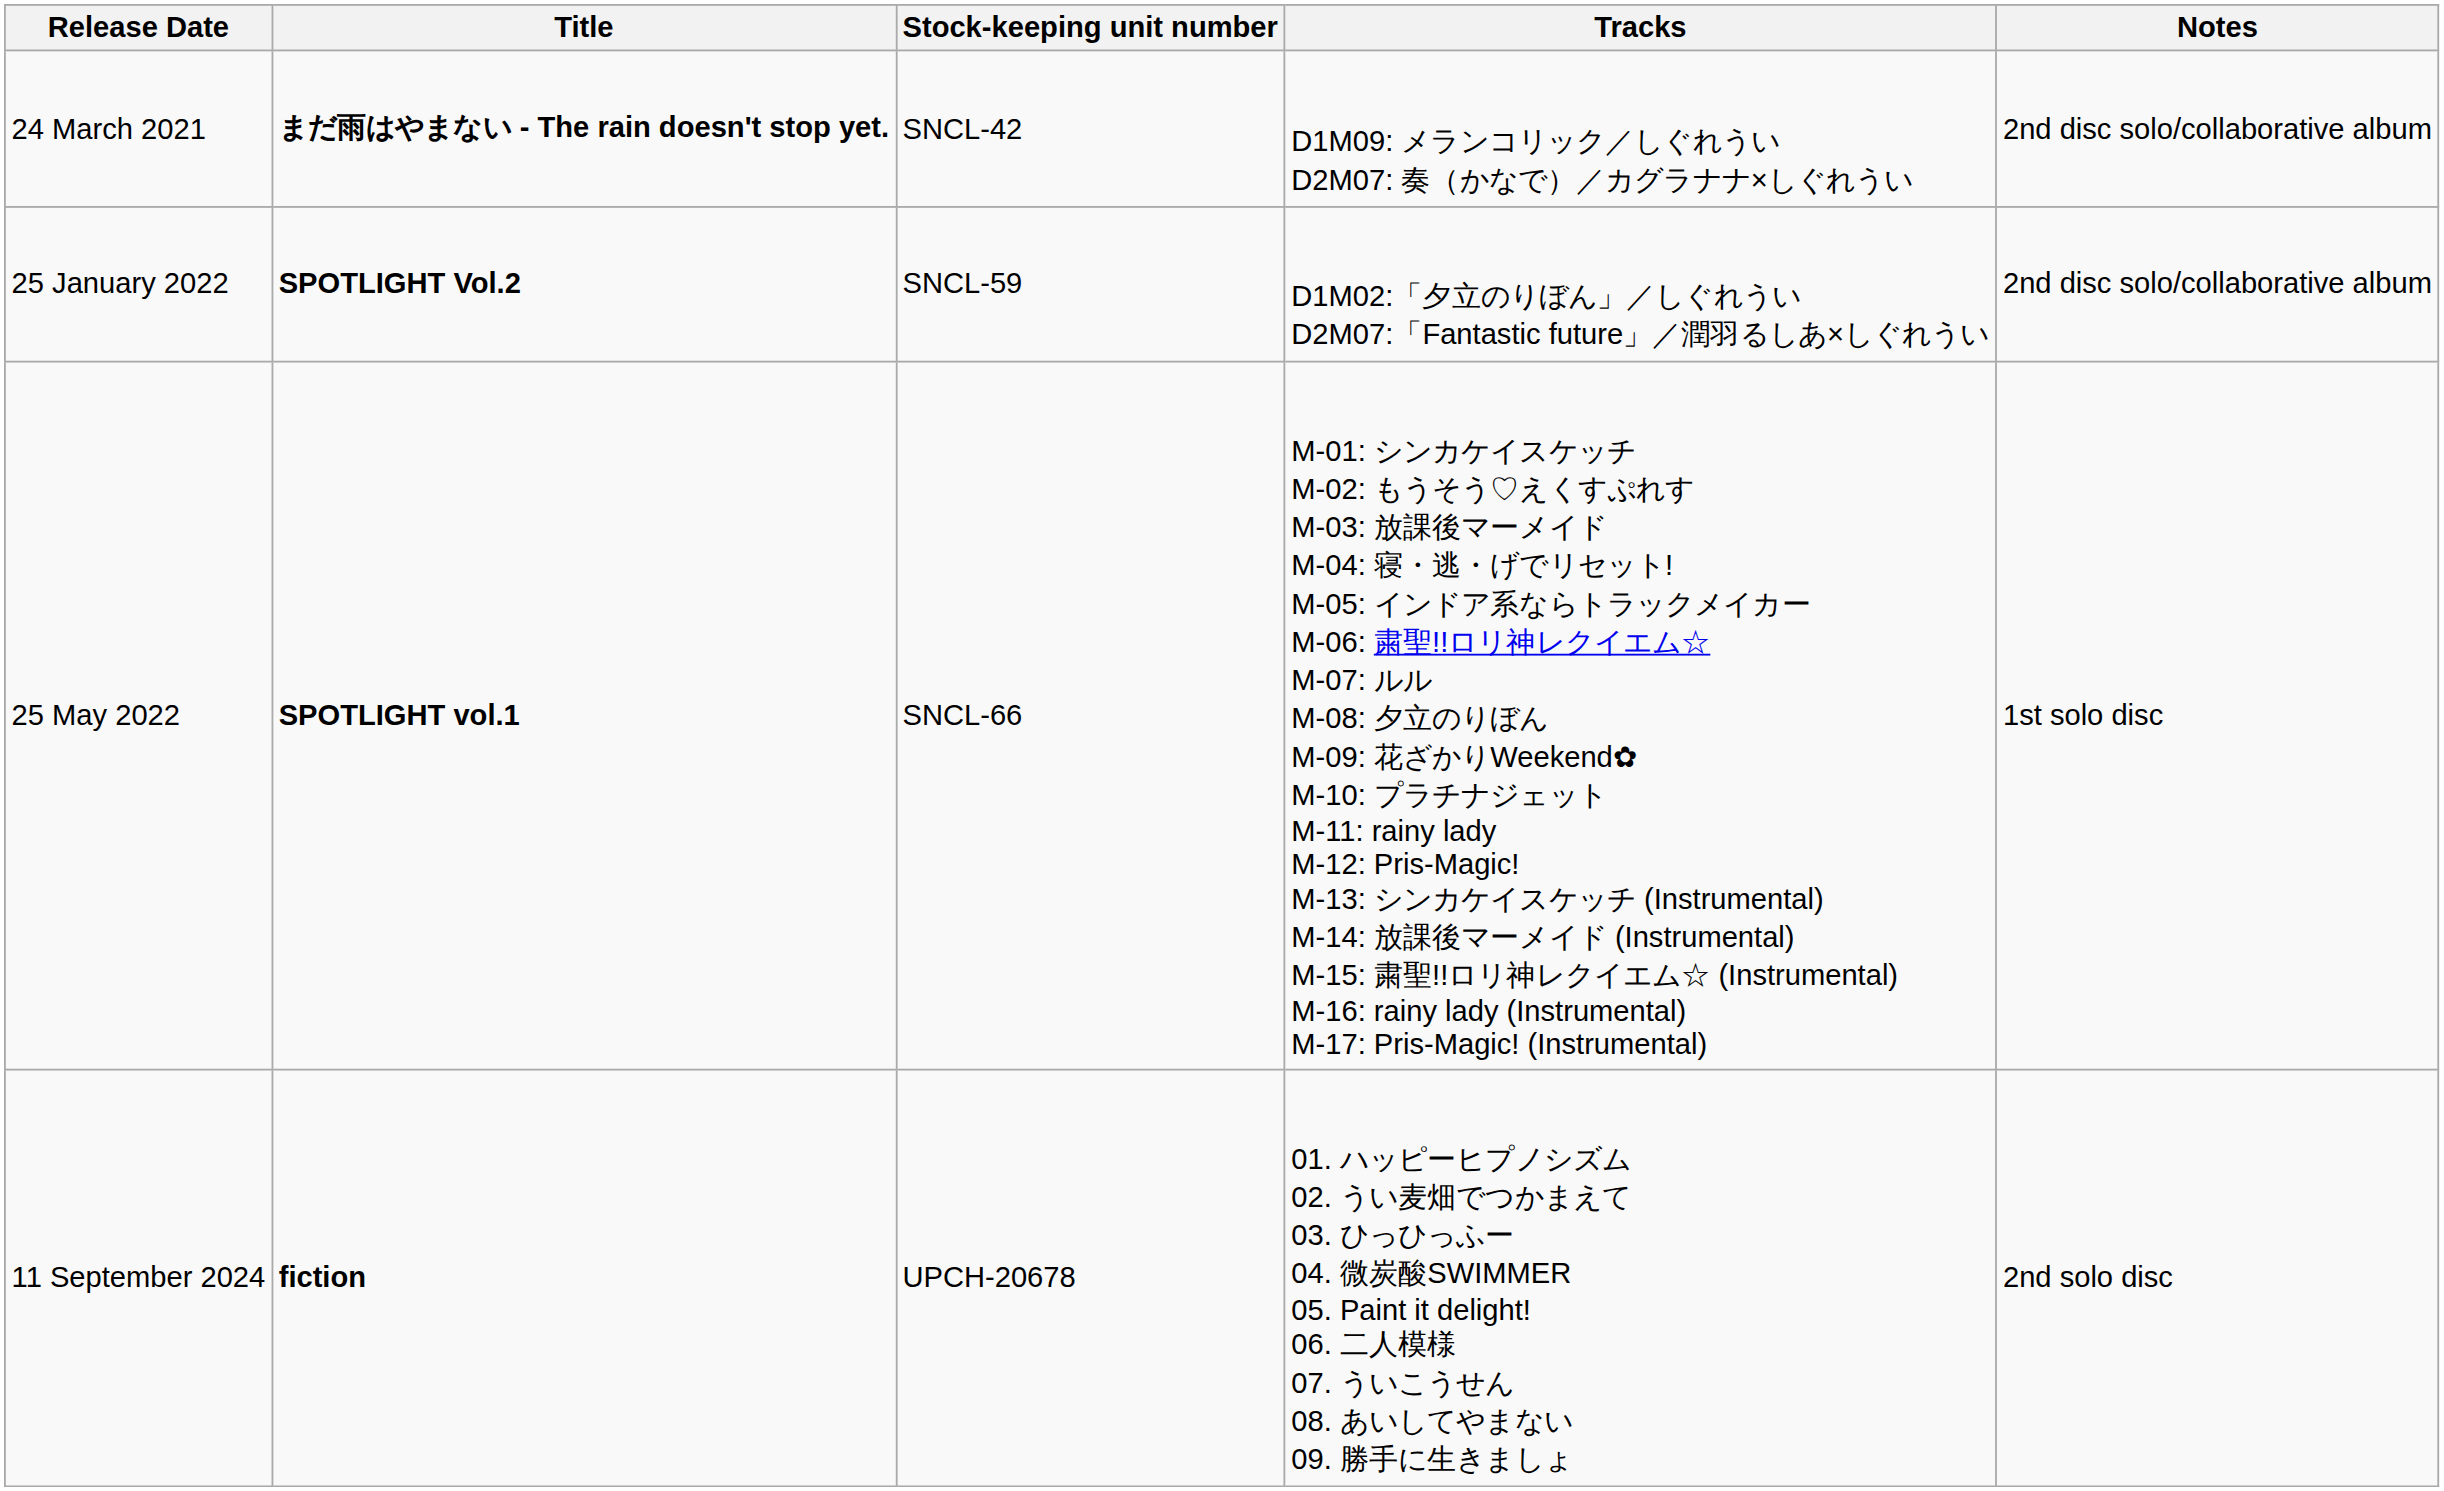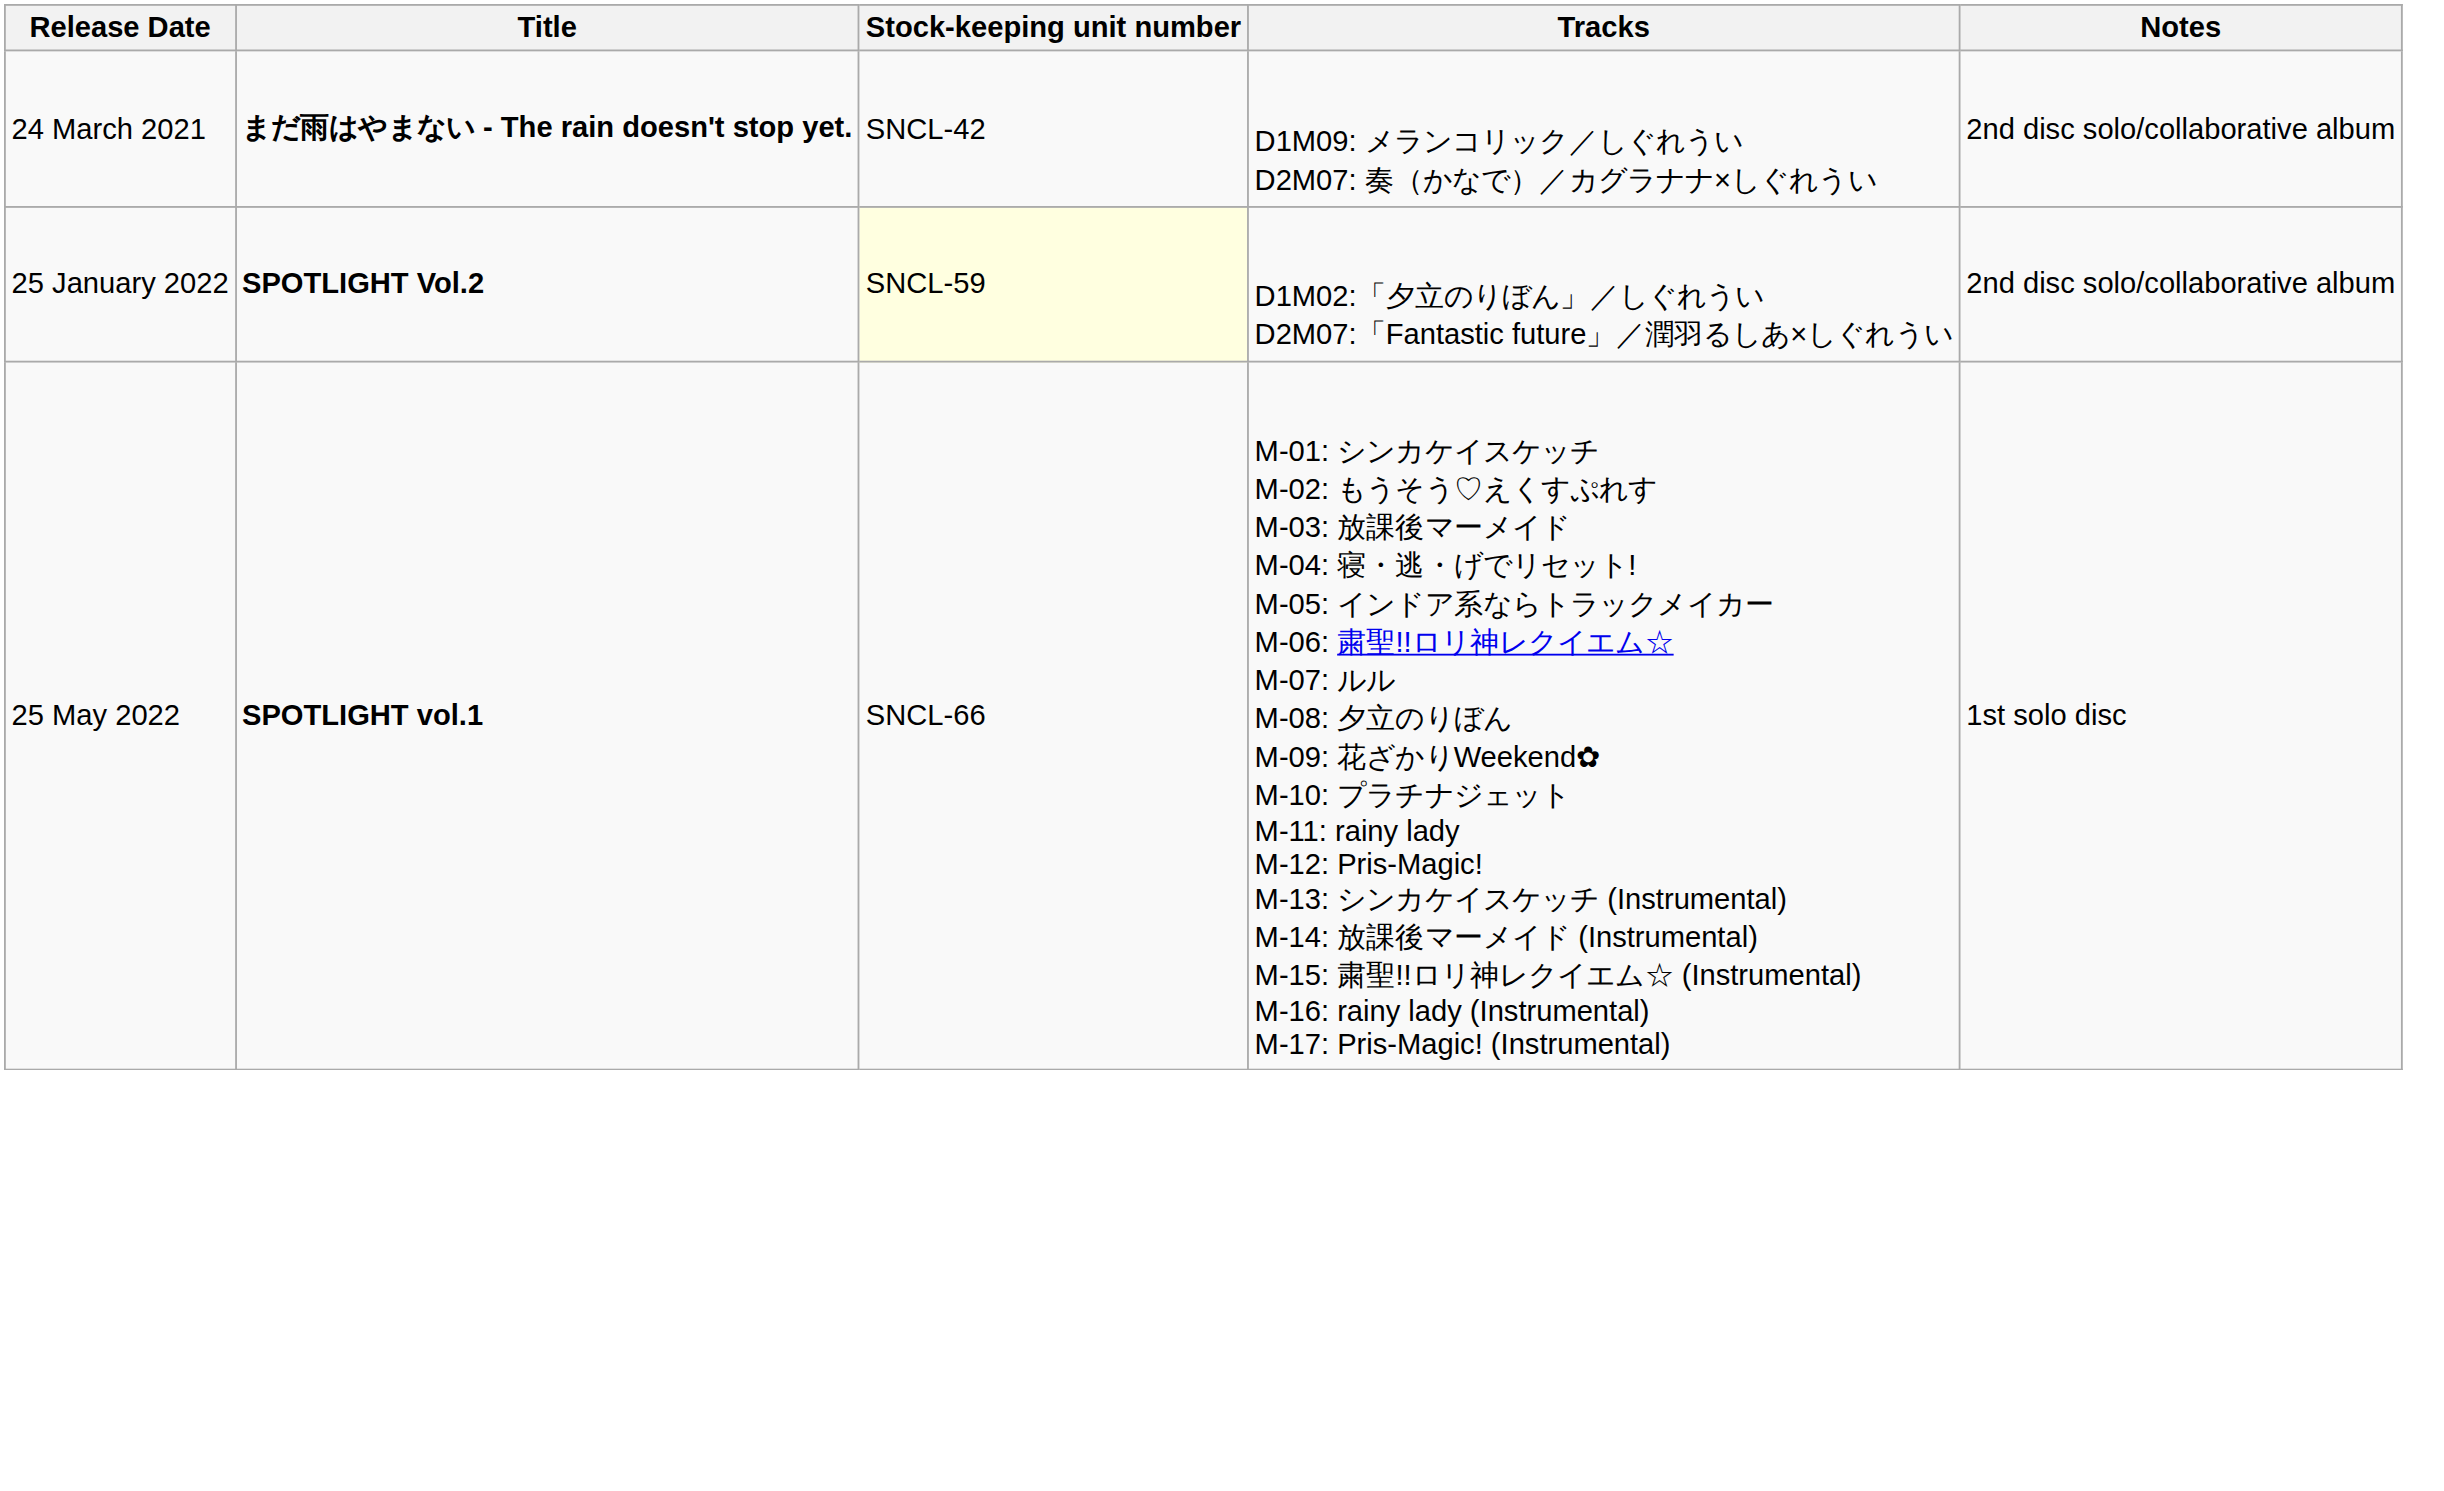 <table class="wikitable">
 <tr>
 <th>Release Date</th>
 <th>Title</th>
 <th>Stock-keeping unit number</th>
 <th>Tracks</th>
 <th>Notes</th>
 </tr>
 <tr>
 <td>24 March 2021</td>
 <td><strong>まだ雨はやまない - The rain doesn't stop yet.</strong></td>
 <td>SNCL-42</td>
 <td><br><br>D1M09: メランコリック／しぐれうい <br>D2M07: 奏（かなで）／カグラナナ×しぐれうい</td>
 <td>2nd disc solo/collaborative album</td>
 </tr>
 <tr>
 <td>25 January 2022</td>
 <td><strong>SPOTLIGHT Vol.2</strong></td>
-<td>SNCL-59</td>
+<td style="background: lightyellow;">SNCL-59</td>
 <td><br><br>D1M02:「夕立のりぼん」／しぐれうい <br>D2M07:「Fantastic future」／潤羽るしあ×しぐれうい</td>
 <td>2nd disc solo/collaborative album</td>
 </tr>
 <tr>
 <td>25 May 2022</td>
 <td><strong>SPOTLIGHT vol.1</strong></td>
 <td>SNCL-66</td>
 <td><br><br>M-01: シンカケイスケッチ <br>M-02: もうそう♡えくすぷれす <br>M-03: 放課後マーメイド <br>M-04: 寝・逃・げでリセット! <br>M-05: インドア系ならトラックメイカー <br>M-06: <a href='#'>粛聖!!ロリ神レクイエム☆ </a> <br>M-07: ルル <br>M-08: 夕立のりぼん <br>M-09: 花ざかりWeekend✿ <br>M-10: プラチナジェット <br>M-11: rainy lady <br>M-12: Pris-Magic! <br>M-13: シンカケイスケッチ (Instrumental) <br>M-14: 放課後マーメイド (Instrumental) <br>M-15: 粛聖!!ロリ神レクイエム☆ (Instrumental) <br>M-16: rainy lady (Instrumental) <br>M-17: Pris-Magic! (Instrumental)</td>
 <td>1st solo disc</td>
 </tr>
-<tr>
-<td>11 September 2024</td>
-<td><strong>fiction</strong></td>
-<td>UPCH-20678</td>
-<td><br><br>01. ハッピーヒプノシズム <br>02. うい麦畑でつかまえて <br>03. ひっひっふー <br>04. 微炭酸SWIMMER <br>05. Paint it delight! <br>06. 二人模様 <br>07. ういこうせん <br>08. あいしてやまない <br>09. 勝手に生きましょ</td>
-<td>2nd solo disc</td>
-</tr>
 </table>
